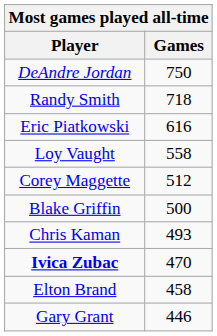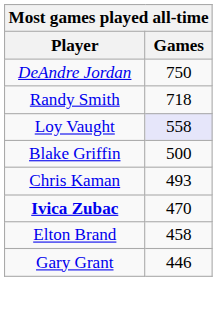 <table class="wikitable sortable" style="text-align:center">
 <tr>
 <th colspan="2">Most games played all-time</th>
 </tr>
 <tr>
 <th>Player</th>
 <th>Games</th>
 </tr>
 <tr>
 <td><em><a href='#'>DeAndre Jordan</a></em></td>
 <td>750</td>
 </tr>
 <tr>
 <td><a href='#'>Randy Smith</a></td>
 <td>718</td>
 </tr>
 <tr>
-<td><a href='#'>Eric Piatkowski</a></td>
-<td>616</td>
-</tr>
-<tr>
 <td><a href='#'>Loy Vaught</a></td>
-<td>558</td>
-</tr>
-<tr>
-<td><a href='#'>Corey Maggette</a></td>
-<td>512</td>
+<td style="background: lavender;">558</td>
 </tr>
 <tr>
 <td><a href='#'>Blake Griffin</a></td>
 <td>500</td>
 </tr>
 <tr>
 <td><a href='#'>Chris Kaman</a></td>
 <td>493</td>
 </tr>
 <tr>
 <td><strong><a href='#'>Ivica Zubac</a></strong></td>
 <td>470</td>
 </tr>
 <tr>
 <td><a href='#'>Elton Brand</a></td>
 <td>458</td>
 </tr>
 <tr>
 <td><a href='#'>Gary Grant</a></td>
 <td>446</td>
 </tr>
 </table>
